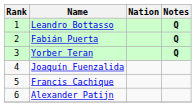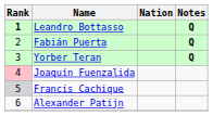 <table class="wikitable" style="text-align:center">
 <tr>
 <th>Rank</th>
 <th>Name</th>
 <th>Nation</th>
 <th>Notes</th>
 </tr>
 <tr bgcolor=ccffcc>
-<td>1</td>
+<td><strong>1</strong></td>
 <td align=left><a href='#'>Leandro Bottasso</a></td>
 <td align=left></td>
 <td><strong>Q</strong></td>
 </tr>
 <tr bgcolor=ccffcc>
 <td>2</td>
 <td align=left><a href='#'>Fabián Puerta</a></td>
 <td align=left></td>
 <td><strong>Q</strong></td>
 </tr>
 <tr bgcolor=ccffcc>
 <td>3</td>
 <td align=left><a href='#'>Yorber Teran</a></td>
 <td align=left></td>
 <td><strong>Q</strong></td>
 </tr>
 <tr>
-<td>4</td>
+<td style="background: pink;">4</td>
 <td align=left><a href='#'>Joaquín Fuenzalida</a></td>
 <td align=left></td>
 <td></td>
 </tr>
 <tr>
-<td>5</td>
+<td style="background: lightgrey;">5</td>
 <td align=left><a href='#'>Francis Cachique</a></td>
 <td align=left></td>
 <td></td>
 </tr>
 <tr>
 <td>6</td>
 <td align=left><a href='#'>Alexander Patijn</a></td>
 <td align=left></td>
 <td></td>
 </tr>
 <tr>
 </tr>
 </table>
